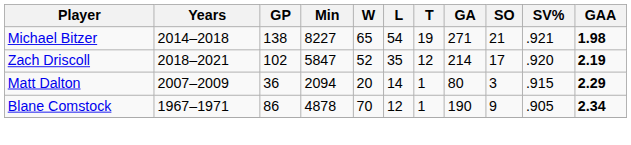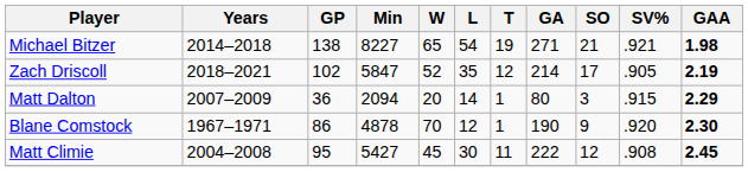 <table class="wikitable sortable" width ="700">
 <tr>
 <th>Player</th>
 <th>Years</th>
 <th>GP</th>
 <th>Min</th>
 <th>W</th>
 <th>L</th>
 <th>T</th>
 <th>GA</th>
 <th>SO</th>
 <th>SV%</th>
 <th>GAA</th>
 </tr>
 <tr>
 <td><a href='#'>Michael Bitzer</a></td>
 <td>2014–2018</td>
 <td>138</td>
 <td>8227</td>
 <td>65</td>
 <td>54</td>
 <td>19</td>
 <td>271</td>
 <td>21</td>
 <td>.921</td>
 <td><strong>1.98</strong></td>
 </tr>
 <tr>
 <td><a href='#'>Zach Driscoll</a></td>
 <td>2018–2021</td>
 <td>102</td>
 <td>5847</td>
 <td>52</td>
 <td>35</td>
 <td>12</td>
 <td>214</td>
 <td>17</td>
-<td>.920</td>
+<td>.905</td>
 <td><strong>2.19</strong></td>
 </tr>
 <tr>
 <td><a href='#'>Matt Dalton</a></td>
 <td>2007–2009</td>
 <td>36</td>
 <td>2094</td>
 <td>20</td>
 <td>14</td>
 <td>1</td>
 <td>80</td>
 <td>3</td>
 <td>.915</td>
 <td><strong>2.29</strong></td>
 </tr>
 <tr>
 <td><a href='#'>Blane Comstock</a></td>
 <td>1967–1971</td>
 <td>86</td>
 <td>4878</td>
 <td>70</td>
 <td>12</td>
 <td>1</td>
 <td>190</td>
 <td>9</td>
-<td>.905</td>
-<td><strong>2.34</strong></td>
+<td>.920</td>
+<td><strong>2.30</strong></td>
+</tr>
+<tr>
+<td><a href='#'>Matt Climie</a></td>
+<td>2004–2008</td>
+<td>95</td>
+<td>5427</td>
+<td>45</td>
+<td>30</td>
+<td>11</td>
+<td>222</td>
+<td>12</td>
+<td>.908</td>
+<td><strong>2.45</strong></td>
 </tr>
 <tr>
 </tr>
 </table>
